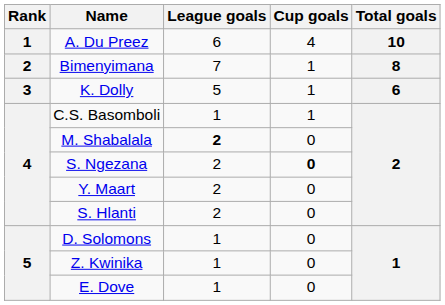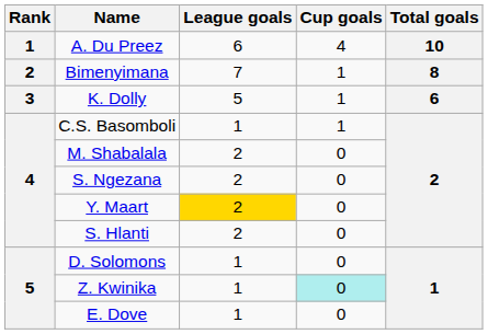 <table class="wikitable" style="text-align:center;">
 <tr>
 <th>Rank</th>
 <th>Name</th>
 <th>League goals</th>
 <th>Cup goals</th>
 <th>Total goals</th>
 </tr>
 <tr>
 <th>1</th>
 <td><a href='#'>A. Du Preez</a></td>
 <td>6</td>
 <td>4</td>
 <th>10</th>
 </tr>
 <tr>
 <th>2</th>
 <td><a href='#'>Bimenyimana</a></td>
 <td>7</td>
 <td>1</td>
 <th>8</th>
 </tr>
 <tr>
 <th>3</th>
 <td><a href='#'>K. Dolly</a></td>
 <td>5</td>
 <td>1</td>
 <th>6</th>
 </tr>
 <tr>
 <th rowspan="5">4</th>
 <td>C.S. Basomboli</td>
 <td>1</td>
 <td>1</td>
 <th rowspan="5">2</th>
 </tr>
 <tr>
 <td><a href='#'>M. Shabalala</a></td>
-<td><strong>2</strong></td>
+<td>2</td>
 <td>0</td>
 </tr>
 <tr>
 <td><a href='#'>S. Ngezana</a></td>
 <td>2</td>
-<td><strong>0</strong></td>
+<td>0</td>
 </tr>
 <tr>
 <td><a href='#'>Y. Maart</a></td>
-<td>2</td>
+<td style="background: gold;">2</td>
 <td>0</td>
 </tr>
 <tr>
 <td><a href='#'>S. Hlanti</a></td>
 <td>2</td>
 <td>0</td>
 </tr>
 <tr>
 <th rowspan="3">5</th>
 <td><a href='#'>D. Solomons</a></td>
 <td>1</td>
 <td>0</td>
 <th rowspan="3">1</th>
 </tr>
 <tr>
 <td><a href='#'>Z. Kwinika</a></td>
 <td>1</td>
-<td>0</td>
+<td style="background: paleturquoise;">0</td>
 </tr>
 <tr>
 <td><a href='#'>E. Dove</a></td>
 <td>1</td>
 <td>0</td>
 </tr>
 </table>
